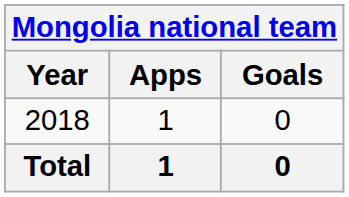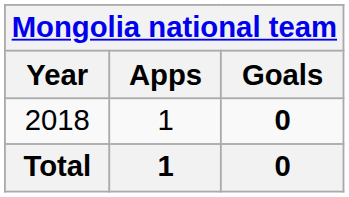 <table class="wikitable" style="text-align:center">
 <tr>
 <th colspan=3><a href='#'>Mongolia national team</a></th>
 </tr>
 <tr>
 <th>Year</th>
 <th>Apps</th>
 <th>Goals</th>
 </tr>
 <tr>
 <td>2018</td>
 <td>1</td>
-<td>0</td>
+<td><strong>0</strong></td>
 </tr>
 <tr>
 <th>Total</th>
 <th>1</th>
 <th>0</th>
 </tr>
 </table>
